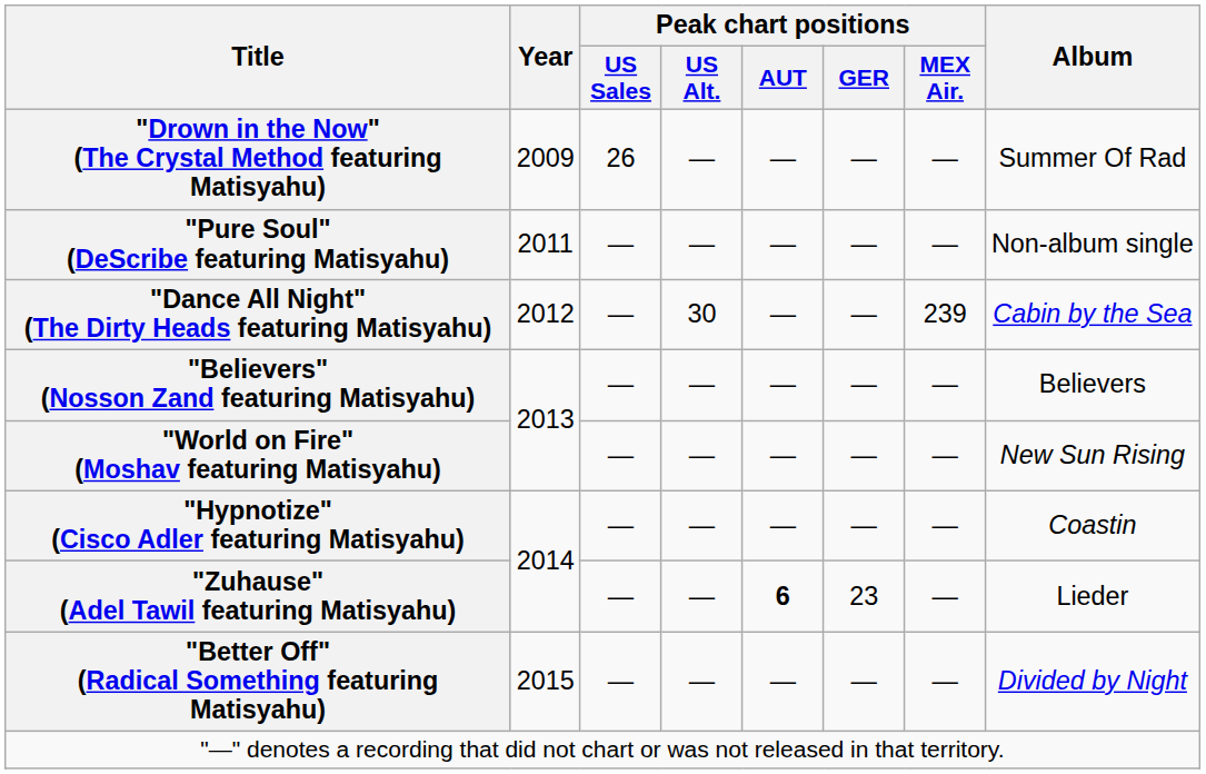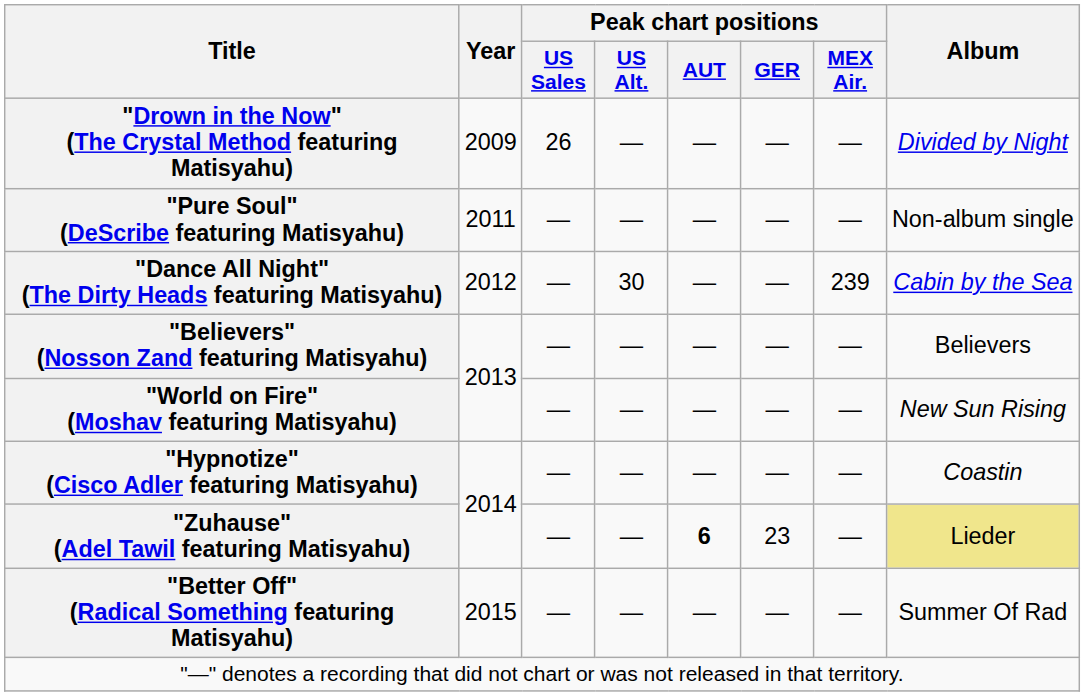 <table class="wikitable plainrowheaders" style="text-align:center;">
 <tr>
 <th scope="col" rowspan="2" style="width:19em;">Title</th>
 <th scope="col" rowspan="2">Year</th>
 <th scope="col" colspan="5">Peak chart positions</th>
 <th scope="col" rowspan="2">Album</th>
 </tr>
 <tr>
 <th scope="col" style="width:3em;font-size:90%;"><a href='#'>US<br>Sales</a><br></th>
 <th scope="col" style="width:3em;font-size:90%;"><a href='#'>US<br>Alt.</a><br></th>
 <th scope="col" style="width:3em;font-size:90%;"><a href='#'>AUT</a><br></th>
 <th scope="col" style="width:3em;font-size:90%;"><a href='#'>GER</a><br></th>
 <th scope="col" style="width:3em;font-size:90%;"><a href='#'>MEX<br>Air.</a><br></th>
 </tr>
 <tr>
 <th scope="row">"<a href='#'>Drown in the Now</a>"<br><span>(<a href='#'>The Crystal Method</a> featuring Matisyahu)</span></th>
 <td>2009</td>
 <td>26</td>
 <td>—</td>
 <td>—</td>
 <td>—</td>
 <td>—</td>
-<td></em>Summer Of Rad<em></td>
+<td><em><a href='#'>Divided by Night</a></em></td>
 </tr>
 <tr>
 <th scope="row">"Pure Soul"<br><span>(<a href='#'>DeScribe</a> featuring Matisyahu)</span></th>
 <td>2011</td>
 <td>—</td>
 <td>—</td>
 <td>—</td>
 <td>—</td>
 <td>—</td>
 <td>Non-album single</td>
 </tr>
 <tr>
 <th scope="row">"Dance All Night"<br><span>(<a href='#'>The Dirty Heads</a> featuring Matisyahu)</span></th>
 <td>2012</td>
 <td>—</td>
 <td>30</td>
 <td>—</td>
 <td>—</td>
 <td>239</td>
 <td><em><a href='#'>Cabin by the Sea</a></em></td>
 </tr>
 <tr>
 <th scope="row">"Believers"<br><span>(<a href='#'>Nosson Zand</a> featuring Matisyahu)</span></th>
 <td rowspan="2">2013</td>
 <td>—</td>
 <td>—</td>
 <td>—</td>
 <td>—</td>
 <td>—</td>
 <td>Believers</td>
 </tr>
 <tr>
 <th scope="row">"World on Fire"<br><span>(<a href='#'>Moshav</a> featuring Matisyahu)</span></th>
 <td>—</td>
 <td>—</td>
 <td>—</td>
 <td>—</td>
 <td>—</td>
 <td><em>New Sun Rising</em></td>
 </tr>
 <tr>
 <th scope="row">"Hypnotize"<br><span>(<a href='#'>Cisco Adler</a> featuring Matisyahu)</span></th>
 <td rowspan="2">2014</td>
 <td>—</td>
 <td>—</td>
 <td>—</td>
 <td>—</td>
 <td>—</td>
 <td><em>Coastin<strong></td>
 </tr>
 <tr>
 <th scope="row">"Zuhause"<br><span>(<a href='#'>Adel Tawil</a> featuring Matisyahu)</span></th>
 <td>—</td>
 <td>—</td>
 <td><strong>6</strong></td>
 <td>23</td>
 <td>—</td>
-<td></em>Lieder<em></td>
+<td style="background: khaki;"></em>Lieder<em></td>
 </tr>
 <tr>
 <th scope="row">"Better Off"<br><span>(<a href='#'>Radical Something</a> featuring Matisyahu)</span></th>
 <td>2015</td>
 <td>—</td>
 <td>—</td>
 <td>—</td>
 <td>—</td>
 <td>—</td>
-<td><em><a href='#'>Divided by Night</a></em></td>
+<td></em>Summer Of Rad<em></td>
 </tr>
 <tr>
 <td colspan="8" style="font-size:90%">"—" denotes a recording that did not chart or was not released in that territory.</td>
 </tr>
 </table>
